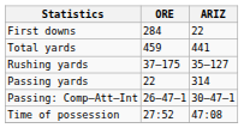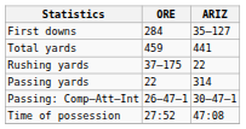 <table class="wikitable" style="float: left;">
 <tr>
 <th>Statistics</th>
 <th>ORE</th>
 <th>ARIZ</th>
 </tr>
 <tr>
 <td>First downs</td>
 <td>284</td>
-<td>22</td>
+<td>35–127</td>
 </tr>
 <tr>
 <td>Total yards</td>
 <td>459</td>
 <td>441</td>
 </tr>
 <tr>
 <td>Rushing yards</td>
 <td>37–175</td>
-<td>35–127</td>
+<td>22</td>
 </tr>
 <tr>
 <td>Passing yards</td>
 <td>22</td>
 <td>314</td>
 </tr>
 <tr>
 <td>Passing: Comp–Att–Int</td>
 <td>26–47–1</td>
 <td>30–47–1</td>
 </tr>
 <tr>
 <td>Time of possession</td>
 <td>27:52</td>
 <td>47:08</td>
 </tr>
 <tr>
 </tr>
 </table>
